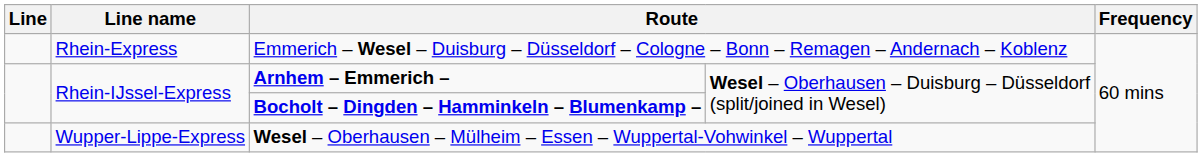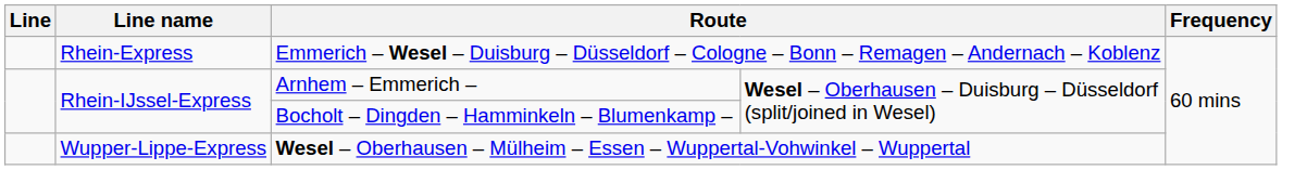 <table class="wikitable">
 <tr>
 <th>Line</th>
 <th>Line name</th>
 <th colspan="2">Route</th>
 <th>Frequency</th>
 </tr>
 <tr>
 <td></td>
 <td><a href='#'>Rhein-Express</a></td>
 <td colspan="2"><a href='#'>Emmerich</a> – <strong>Wesel</strong> –  <a href='#'>Duisburg</a> – <a href='#'>Düsseldorf</a> – <a href='#'>Cologne</a> – <a href='#'>Bonn</a> – <a href='#'>Remagen</a> – <a href='#'>Andernach</a> – <a href='#'>Koblenz</a></td>
 <td rowspan="4">60 mins</td>
 </tr>
 <tr>
 <td rowspan="2"></td>
 <td rowspan="2"><a href='#'>Rhein-IJssel-Express</a></td>
-<td><strong><a href='#'>Arnhem</a> – Emmerich –</strong></td>
+<td><a href='#'>Arnhem</a> – Emmerich –</td>
 <td rowspan="2"><strong>Wesel</strong> – <a href='#'>Oberhausen</a> – Duisburg – Düsseldorf<br>(split/joined in Wesel)</td>
 </tr>
 <tr>
-<td><strong><a href='#'>Bocholt</a> – <a href='#'>Dingden</a> – <a href='#'>Hamminkeln</a> – <a href='#'>Blumenkamp</a> –</strong></td>
+<td><a href='#'>Bocholt</a> – <a href='#'>Dingden</a> – <a href='#'>Hamminkeln</a> – <a href='#'>Blumenkamp</a> –</td>
 </tr>
 <tr>
 <td></td>
 <td><a href='#'>Wupper-Lippe-Express</a></td>
 <td colspan="2"><strong>Wesel</strong> – <a href='#'>Oberhausen</a> – <a href='#'>Mülheim</a> – <a href='#'>Essen</a> – <a href='#'>Wuppertal-Vohwinkel</a> – <a href='#'>Wuppertal</a></td>
 </tr>
 </table>
